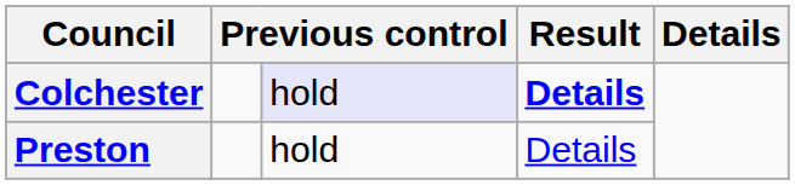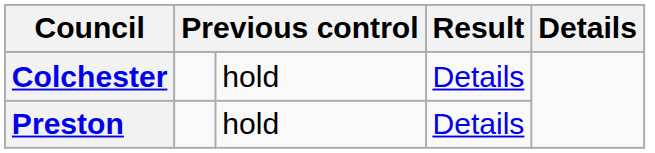 <table class="wikitable sortable" border="1">
 <tr>
 <th scope="col">Council</th>
 <th colspan=2>Previous control</th>
 <th colspan=2>Result</th>
 <th class="unsortable" scope="col">Details</th>
 </tr>
 <tr>
 <th scope="row" style="text-align: left;"><a href='#'>Colchester</a></th>
 <td></td>
-<td style="background: lavender;"> hold</td>
-<td><strong><a href='#'>Details</a></strong></td>
+<td> hold</td>
+<td><a href='#'>Details</a></td>
 </tr>
 <tr>
 <th scope="row" style="text-align: left;"><a href='#'>Preston</a></th>
 <td></td>
 <td> hold</td>
 <td><a href='#'>Details</a></td>
 </tr>
 </table>
